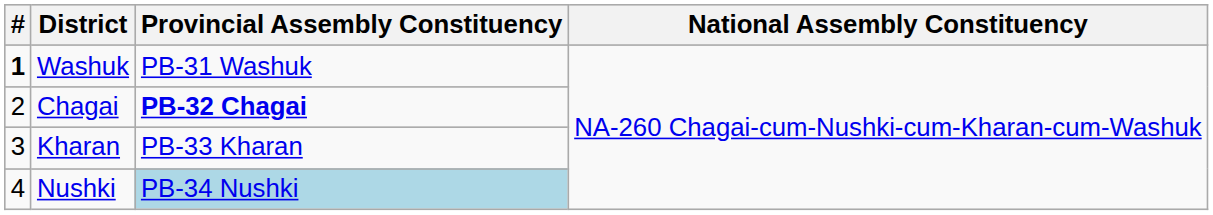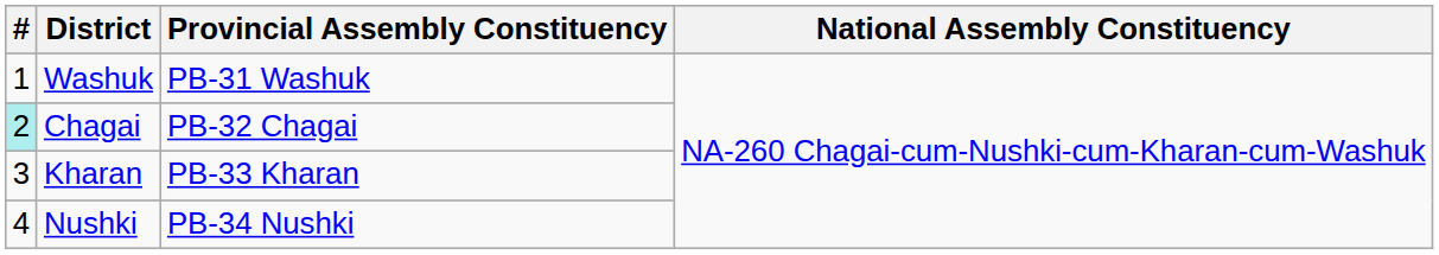 <table class="wikitable sortable">
 <tr>
 <th>#</th>
 <th>District</th>
 <th>Provincial Assembly Constituency</th>
 <th>National Assembly Constituency</th>
 </tr>
 <tr>
-<td><strong>1</strong></td>
+<td>1</td>
 <td><a href='#'>Washuk</a></td>
 <td><a href='#'>PB-31 Washuk</a></td>
 <td rowspan="4"><a href='#'>NA-260 Chagai-cum-Nushki-cum-Kharan-cum-Washuk</a></td>
 </tr>
 <tr>
-<td>2</td>
+<td style="background: paleturquoise;">2</td>
 <td><a href='#'>Chagai</a></td>
-<td><strong><a href='#'>PB-32 Chagai</a></strong></td>
+<td><a href='#'>PB-32 Chagai</a></td>
 </tr>
 <tr>
 <td>3</td>
 <td><a href='#'>Kharan</a></td>
 <td><a href='#'>PB-33 Kharan</a></td>
 </tr>
 <tr>
 <td>4</td>
 <td><a href='#'>Nushki</a></td>
-<td style="background: lightblue;"><a href='#'>PB-34 Nushki</a></td>
+<td><a href='#'>PB-34 Nushki</a></td>
 </tr>
 </table>
